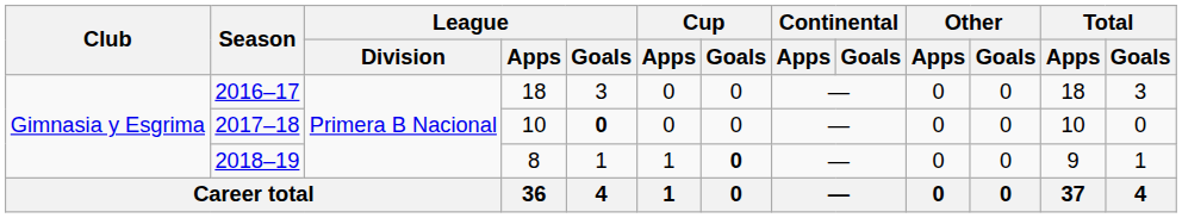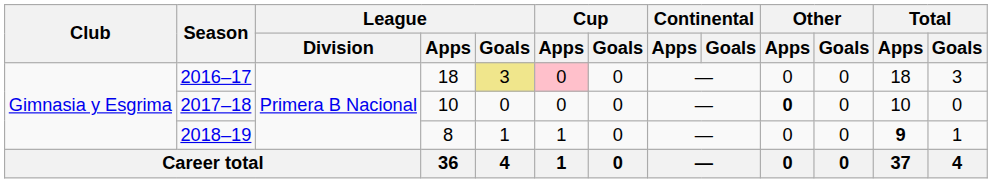 <table class="wikitable" style="text-align:center">
 <tr>
 <th rowspan="2">Club</th>
 <th rowspan="2">Season</th>
 <th colspan="3">League</th>
 <th colspan="2">Cup</th>
 <th colspan="2">Continental</th>
 <th colspan="2">Other</th>
 <th colspan="2">Total</th>
 </tr>
 <tr>
 <th>Division</th>
 <th>Apps</th>
 <th>Goals</th>
 <th>Apps</th>
 <th>Goals</th>
 <th>Apps</th>
 <th>Goals</th>
 <th>Apps</th>
 <th>Goals</th>
 <th>Apps</th>
 <th>Goals</th>
 </tr>
 <tr>
 <td rowspan="3"><a href='#'>Gimnasia y Esgrima</a></td>
 <td><a href='#'>2016–17</a></td>
 <td rowspan="3"><a href='#'>Primera B Nacional</a></td>
 <td>18</td>
-<td>3</td>
-<td>0</td>
+<td style="background: khaki;">3</td>
+<td style="background: pink;">0</td>
 <td>0</td>
 <td colspan="2">—</td>
 <td>0</td>
 <td>0</td>
 <td>18</td>
 <td>3</td>
 </tr>
 <tr>
 <td><a href='#'>2017–18</a></td>
 <td>10</td>
-<td><strong>0</strong></td>
+<td>0</td>
 <td>0</td>
 <td>0</td>
 <td colspan="2">—</td>
-<td>0</td>
+<td><strong>0</strong></td>
 <td>0</td>
 <td>10</td>
 <td>0</td>
 </tr>
 <tr>
 <td><a href='#'>2018–19</a></td>
 <td>8</td>
 <td>1</td>
 <td>1</td>
-<td><strong>0</strong></td>
+<td>0</td>
 <td colspan="2">—</td>
 <td>0</td>
 <td>0</td>
-<td>9</td>
+<td><strong>9</strong></td>
 <td>1</td>
 </tr>
 <tr>
 <th colspan="3">Career total</th>
 <th>36</th>
 <th>4</th>
 <th>1</th>
 <th>0</th>
 <th colspan="2">—</th>
 <th>0</th>
 <th>0</th>
 <th>37</th>
 <th>4</th>
 </tr>
 </table>
